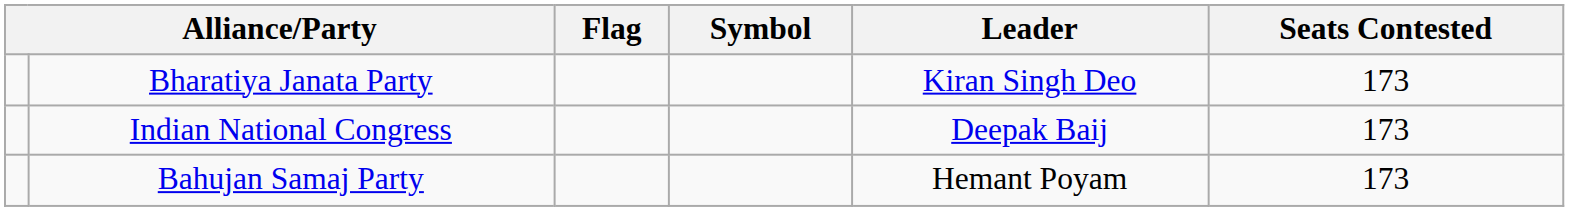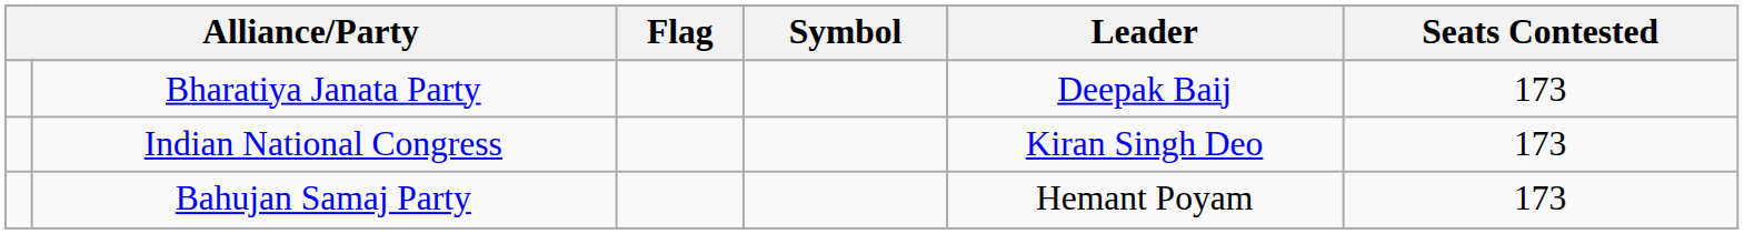 <table class="wikitable" width="50%" style="text-align:center;">
 <tr>
 <th colspan="4">Alliance/Party</th>
 <th>Flag</th>
 <th>Symbol</th>
 <th>Leader</th>
 <th colspan="2">Seats Contested</th>
 </tr>
 <tr>
 <td></td>
 <td colspan="3"><a href='#'>Bharatiya Janata Party</a></td>
 <td></td>
 <td></td>
-<td><a href='#'>Kiran Singh Deo</a></td>
+<td><a href='#'>Deepak Baij</a></td>
 <td colspan="2">173</td>
 </tr>
 <tr>
 <td></td>
 <td colspan="3"><a href='#'>Indian National Congress</a></td>
 <td></td>
 <td></td>
-<td><a href='#'>Deepak Baij</a></td>
+<td><a href='#'>Kiran Singh Deo</a></td>
 <td colspan="2">173</td>
 </tr>
 <tr>
 <td></td>
 <td colspan="3"><a href='#'>Bahujan Samaj Party</a></td>
 <td></td>
 <td></td>
 <td>Hemant Poyam</td>
 <td colspan="2">173</td>
 </tr>
 </table>
